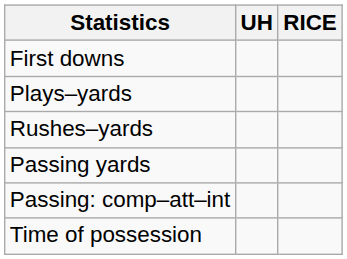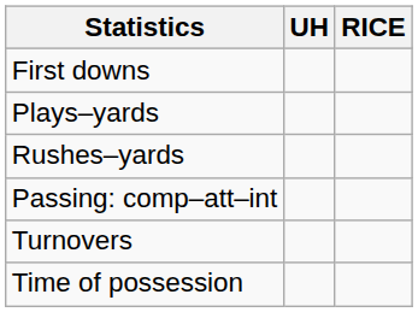 <table class="wikitable" style="float:left">
 <tr>
 <th>Statistics</th>
 <th>UH</th>
 <th>RICE</th>
 </tr>
 <tr>
 <td>First downs</td>
 <td></td>
 <td></td>
 </tr>
 <tr>
 <td>Plays–yards</td>
 <td></td>
 <td></td>
 </tr>
 <tr>
 <td>Rushes–yards</td>
 <td></td>
 <td></td>
 </tr>
 <tr>
-<td>Passing yards</td>
+<td>Passing: comp–att–int</td>
 <td></td>
 <td></td>
 </tr>
 <tr>
-<td>Passing: comp–att–int</td>
+<td>Turnovers</td>
 <td></td>
 <td></td>
 </tr>
 <tr>
 <td>Time of possession</td>
 <td></td>
 <td></td>
 </tr>
 </table>
